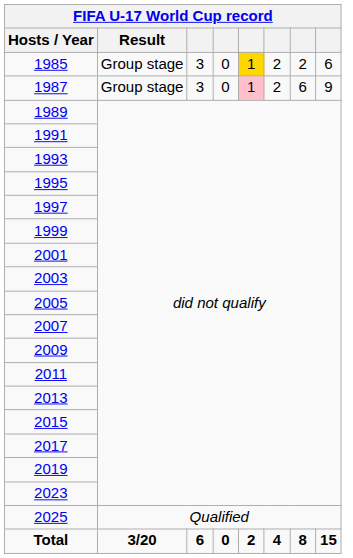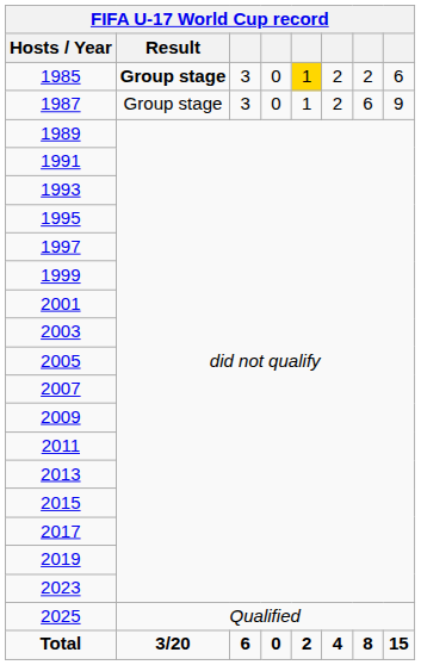 <table class="wikitable" style="text-align: center;">
 <tr>
 <th colspan=9><a href='#'>FIFA U-17 World Cup record</a></th>
 </tr>
 <tr>
 <th>Hosts / Year</th>
 <th>Result</th>
 <th width=20></th>
 <th width=20></th>
 <th width=20></th>
 <th width=20></th>
 <th width=20></th>
 <th width=20></th>
 </tr>
 <tr>
 <td> <a href='#'>1985</a></td>
-<td>Group stage</td>
+<td><strong>Group stage</strong></td>
 <td>3</td>
 <td>0</td>
 <td style="background: gold;">1</td>
 <td>2</td>
 <td>2</td>
 <td>6</td>
 </tr>
 <tr>
 <td> <a href='#'>1987</a></td>
 <td>Group stage</td>
 <td>3</td>
 <td>0</td>
-<td style="background: pink;">1</td>
+<td>1</td>
 <td>2</td>
 <td>6</td>
 <td>9</td>
 </tr>
 <tr>
 <td> <a href='#'>1989</a></td>
 <td rowspan=17 colspan=15><em>did not qualify</em></td>
 </tr>
 <tr>
 <td> <a href='#'>1991</a></td>
 </tr>
 <tr>
 <td> <a href='#'>1993</a></td>
 </tr>
 <tr>
 <td> <a href='#'>1995</a></td>
 </tr>
 <tr>
 <td> <a href='#'>1997</a></td>
 </tr>
 <tr>
 <td> <a href='#'>1999</a></td>
 </tr>
 <tr>
 <td> <a href='#'>2001</a></td>
 </tr>
 <tr>
 <td> <a href='#'>2003</a></td>
 </tr>
 <tr>
 <td> <a href='#'>2005</a></td>
 </tr>
 <tr>
 <td> <a href='#'>2007</a></td>
 </tr>
 <tr>
 <td> <a href='#'>2009</a></td>
 </tr>
 <tr>
 <td> <a href='#'>2011</a></td>
 </tr>
 <tr>
 <td> <a href='#'>2013</a></td>
 </tr>
 <tr>
 <td> <a href='#'>2015</a></td>
 </tr>
 <tr>
 <td> <a href='#'>2017</a></td>
 </tr>
 <tr>
 <td> <a href='#'>2019</a></td>
 </tr>
 <tr>
 <td> <a href='#'>2023</a></td>
 </tr>
 <tr>
 <td> <a href='#'>2025</a></td>
 <td colspan=8><em>Qualified</em></td>
 </tr>
 <tr>
 <td><strong>Total</strong></td>
 <td><strong>3/20</strong></td>
 <td><strong>6</strong></td>
 <td><strong>0</strong></td>
 <td><strong>2</strong></td>
 <td><strong>4</strong></td>
 <td><strong>8</strong></td>
 <td><strong>15</strong></td>
 </tr>
 </table>
